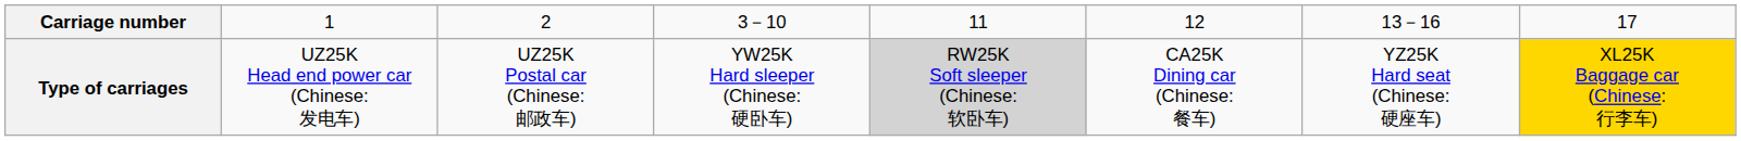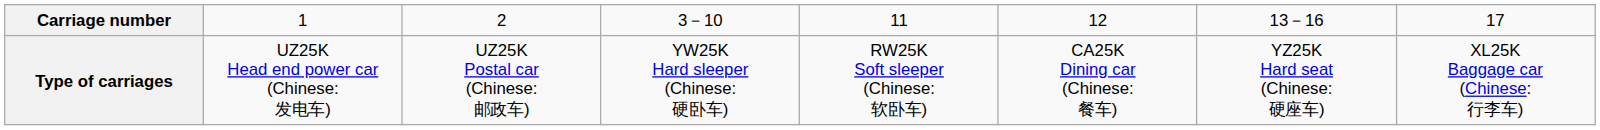 <table class="wikitable" style="text-align: center; font-size: small;">
 <tr>
 <th>Carriage number</th>
 <td>1</td>
 <td>2</td>
 <td>3－10</td>
 <td>11</td>
 <td>12</td>
 <td>13－16</td>
 <td>17</td>
 </tr>
 <tr>
 <th style="width: 10%;">Type of carriages</th>
 <td style="width: 10%;">UZ25K<br><a href='#'>Head end power car</a><br>(Chinese:<br>发电车)</td>
 <td style="width: 10%;">UZ25K<br><a href='#'>Postal car</a><br>(Chinese:<br>邮政车)</td>
 <td style="width: 10%;">YW25K<br><a href='#'>Hard sleeper</a><br>(Chinese:<br>硬卧车)</td>
-<td style="background: lightgrey; width: 10%;">RW25K<br><a href='#'>Soft sleeper</a><br>(Chinese:<br>软卧车)</td>
+<td style="width: 10%;">RW25K<br><a href='#'>Soft sleeper</a><br>(Chinese:<br>软卧车)</td>
 <td style="width: 10%;">CA25K<br><a href='#'>Dining car</a><br>(Chinese:<br>餐车)</td>
 <td style="width: 10%;">YZ25K<br><a href='#'>Hard seat</a><br>(Chinese:<br>硬座车)</td>
-<td style="background: gold; width: 10%;">XL25K<br><a href='#'>Baggage car</a><br>(<a href='#'>Chinese</a>:<br>行李车)</td>
+<td style="width: 10%;">XL25K<br><a href='#'>Baggage car</a><br>(<a href='#'>Chinese</a>:<br>行李车)</td>
 </tr>
 </table>
